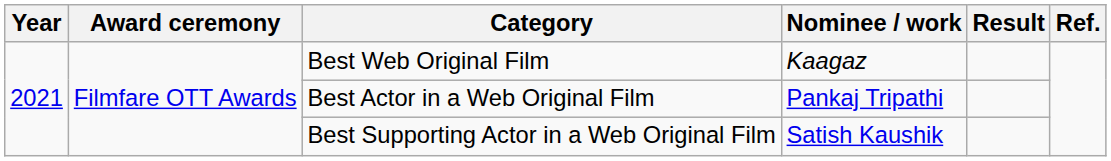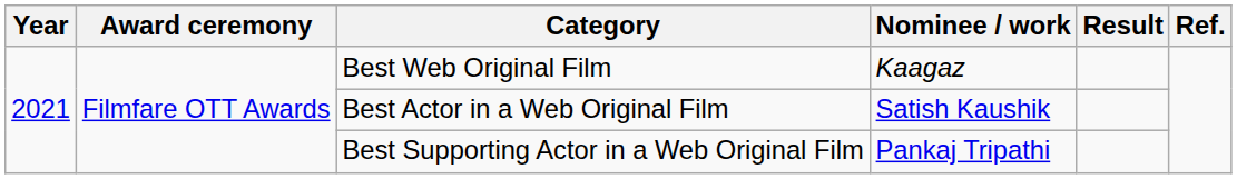 <table class="wikitable">
 <tr>
 <th>Year</th>
 <th>Award ceremony</th>
 <th>Category</th>
 <th>Nominee / work</th>
 <th>Result</th>
 <th>Ref.</th>
 </tr>
 <tr>
 <td rowspan="3"><a href='#'>2021</a></td>
 <td rowspan="3"><a href='#'>Filmfare OTT Awards</a></td>
 <td>Best Web Original Film</td>
 <td><em>Kaagaz</em></td>
 <td></td>
 <td rowspan="3"></td>
 </tr>
 <tr>
 <td>Best Actor in a Web Original Film</td>
-<td><a href='#'>Pankaj Tripathi</a></td>
+<td><a href='#'>Satish Kaushik</a></td>
 <td></td>
 </tr>
 <tr>
 <td>Best Supporting Actor in a Web Original Film</td>
-<td><a href='#'>Satish Kaushik</a></td>
+<td><a href='#'>Pankaj Tripathi</a></td>
 <td></td>
 </tr>
 </table>
